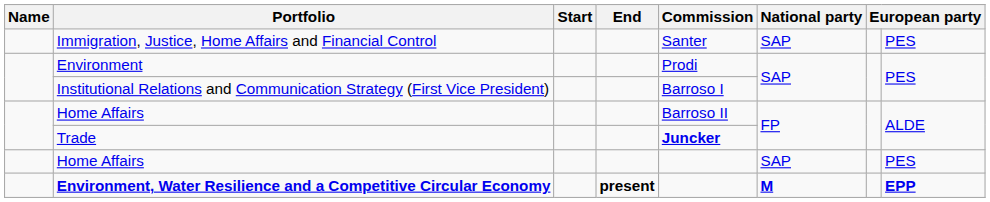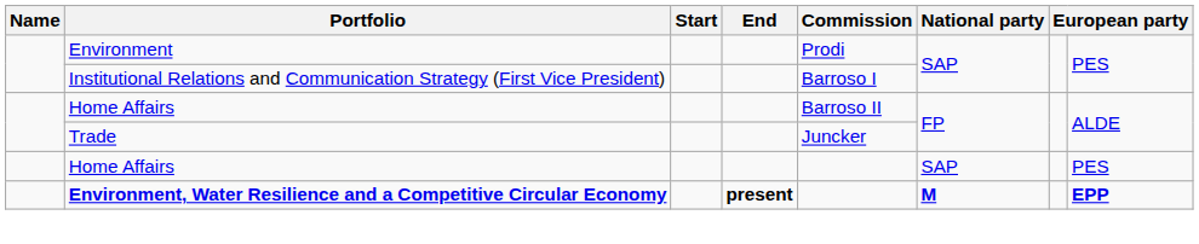 <table class="wikitable sortable" style="font-size: 90%;">
 <tr>
 <th>Name</th>
 <th>Portfolio</th>
 <th>Start</th>
 <th>End</th>
 <th>Commission</th>
 <th>National party</th>
 <th colspan=2>European party</th>
-</tr>
-<tr>
-<td></td>
-<td><a href='#'>Immigration</a>, <a href='#'>Justice</a>, <a href='#'>Home Affairs</a> and <a href='#'>Financial Control</a></td>
-<td></td>
-<td></td>
-<td><a href='#'>Santer</a></td>
-<td><a href='#'>SAP</a></td>
-<td style="background:"></td>
-<td><a href='#'>PES</a></td>
 </tr>
 <tr>
 <td rowspan=2></td>
 <td><a href='#'>Environment</a></td>
 <td></td>
 <td></td>
 <td><a href='#'>Prodi</a></td>
 <td rowspan=2><a href='#'>SAP</a></td>
 <td rowspan=2 style="background:"></td>
 <td rowspan=2><a href='#'>PES</a></td>
 </tr>
 <tr>
 <td><a href='#'>Institutional Relations</a> and <a href='#'>Communication Strategy</a> (<a href='#'>First Vice President</a>)</td>
 <td></td>
 <td></td>
 <td><a href='#'>Barroso I</a></td>
 </tr>
 <tr>
 <td rowspan=2></td>
 <td><a href='#'>Home Affairs</a></td>
 <td></td>
 <td></td>
 <td><a href='#'>Barroso II</a></td>
 <td rowspan=2><a href='#'>FP</a></td>
 <td rowspan=2 style="background:"></td>
 <td rowspan=2><a href='#'>ALDE</a></td>
 </tr>
 <tr>
 <td><a href='#'>Trade</a></td>
 <td></td>
 <td></td>
-<td><strong><a href='#'>Juncker</a></strong></td>
+<td><a href='#'>Juncker</a></td>
 </tr>
 <tr>
 <td></td>
 <td><a href='#'>Home Affairs</a></td>
 <td></td>
 <td></td>
 <td></td>
 <td><a href='#'>SAP</a></td>
 <td style="background:"></td>
 <td><a href='#'>PES</a></td>
 </tr>
 <tr>
 <td><strong></strong></td>
 <td><strong><a href='#'>Environment, Water Resilience and a Competitive Circular Economy</a></strong></td>
 <td><strong></strong></td>
 <td><strong>present</strong></td>
 <td><strong></strong></td>
 <td><strong><a href='#'>M</a></strong></td>
 <td style="background:"></td>
 <td><strong><a href='#'>EPP</a></strong></td>
 </tr>
 </table>
